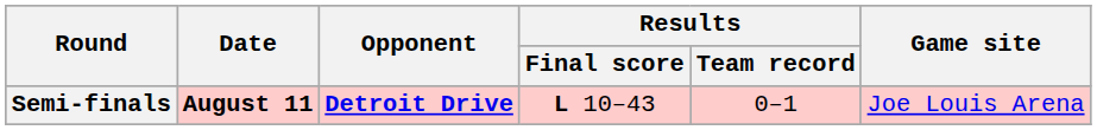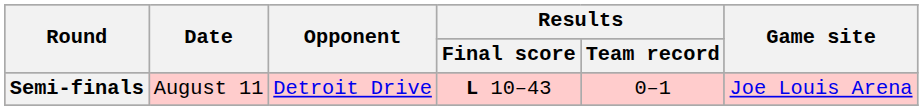 <table class="wikitable" style="font-size: 92%;" "align=center">
 <tr>
 <th rowspan="2">Round</th>
 <th rowspan="2">Date</th>
 <th rowspan="2">Opponent</th>
 <th colspan="2">Results</th>
 <th rowspan="2">Game site</th>
 </tr>
 <tr>
 <th>Final score</th>
 <th>Team record</th>
 </tr>
 <tr style="background:#fcc">
 <th>Semi-finals</th>
-<td style="text-align:center;"><strong>August 11</strong></td>
-<td style="text-align:center;"><strong><a href='#'>Detroit Drive</a></strong></td>
+<td style="text-align:center;">August 11</td>
+<td style="text-align:center;"><a href='#'>Detroit Drive</a></td>
 <td style="text-align:center;"><strong>L</strong> 10–43</td>
 <td style="text-align:center;">0–1</td>
 <td style="text-align:center;"><a href='#'>Joe Louis Arena</a></td>
 </tr>
 </table>
